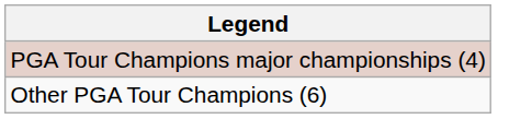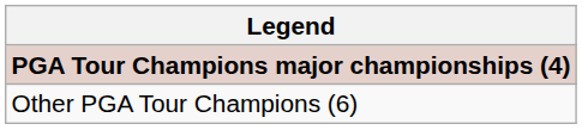 <table class="wikitable" style="font-size:95%;">
 <tr>
 <th>Legend</th>
 </tr>
 <tr style="background:#e5d1cb;">
-<td>PGA Tour Champions major championships (4)</td>
+<td><strong>PGA Tour Champions major championships (4)</strong></td>
 </tr>
 <tr>
 <td>Other PGA Tour Champions (6)</td>
 </tr>
 </table>
